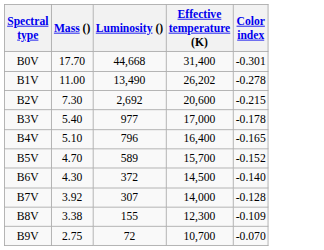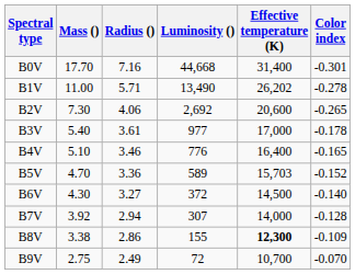 <table class="wikitable floatright" style="text-align:center; font-size:smaller;">
 <tr>
 <th><a href='#'>Spectral<br>type</a></th>
 <th><a href='#'>Mass</a> ()</th>
+<th><a href='#'>Radius</a> ()</th>
 <th><a href='#'>Luminosity</a> ()</th>
 <th><a href='#'>Effective<br>temperature</a><br>(K)</th>
 <th><a href='#'>Color<br>index</a><br></th>
 </tr>
 <tr>
 <td>B0V</td>
 <td>17.70</td>
+<td>7.16</td>
 <td>44,668</td>
 <td style="background-color:#">31,400</td>
 <td>-0.301</td>
 </tr>
 <tr>
 <td>B1V</td>
 <td>11.00</td>
+<td>5.71</td>
 <td>13,490</td>
 <td style="background-color:#">26,202</td>
 <td>-0.278</td>
 </tr>
 <tr>
 <td>B2V</td>
 <td>7.30</td>
+<td>4.06</td>
 <td>2,692</td>
 <td style="background-color:#">20,600</td>
-<td>-0.215</td>
+<td>-0.265</td>
 </tr>
 <tr>
 <td>B3V</td>
 <td>5.40</td>
+<td>3.61</td>
 <td>977</td>
 <td style="background-color:#">17,000</td>
 <td>-0.178</td>
 </tr>
 <tr>
 <td>B4V</td>
 <td>5.10</td>
-<td>796</td>
+<td>3.46</td>
+<td>776</td>
 <td style="background-color:#">16,400</td>
 <td>-0.165</td>
 </tr>
 <tr>
 <td>B5V</td>
 <td>4.70</td>
+<td>3.36</td>
 <td>589</td>
-<td style="background-color:#">15,700</td>
+<td style="background-color:#">15,703</td>
 <td>-0.152</td>
 </tr>
 <tr>
 <td>B6V</td>
 <td>4.30</td>
+<td>3.27</td>
 <td>372</td>
 <td style="background-color:#">14,500</td>
 <td>-0.140</td>
 </tr>
 <tr>
 <td>B7V</td>
 <td>3.92</td>
+<td>2.94</td>
 <td>307</td>
 <td style="background-color:#">14,000</td>
 <td>-0.128</td>
 </tr>
 <tr>
 <td>B8V</td>
 <td>3.38</td>
+<td>2.86</td>
 <td>155</td>
-<td style="background-color:#">12,300</td>
+<td style="background-color:#"><strong>12,300</strong></td>
 <td>-0.109</td>
 </tr>
 <tr>
 <td>B9V</td>
 <td>2.75</td>
+<td>2.49</td>
 <td>72</td>
 <td style="background-color:#">10,700</td>
 <td>-0.070</td>
 </tr>
 </table>
